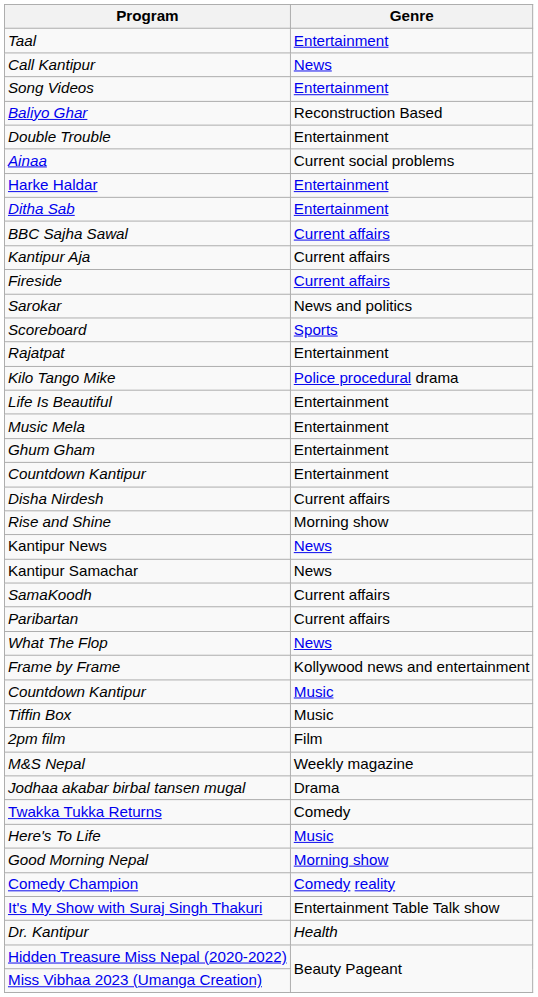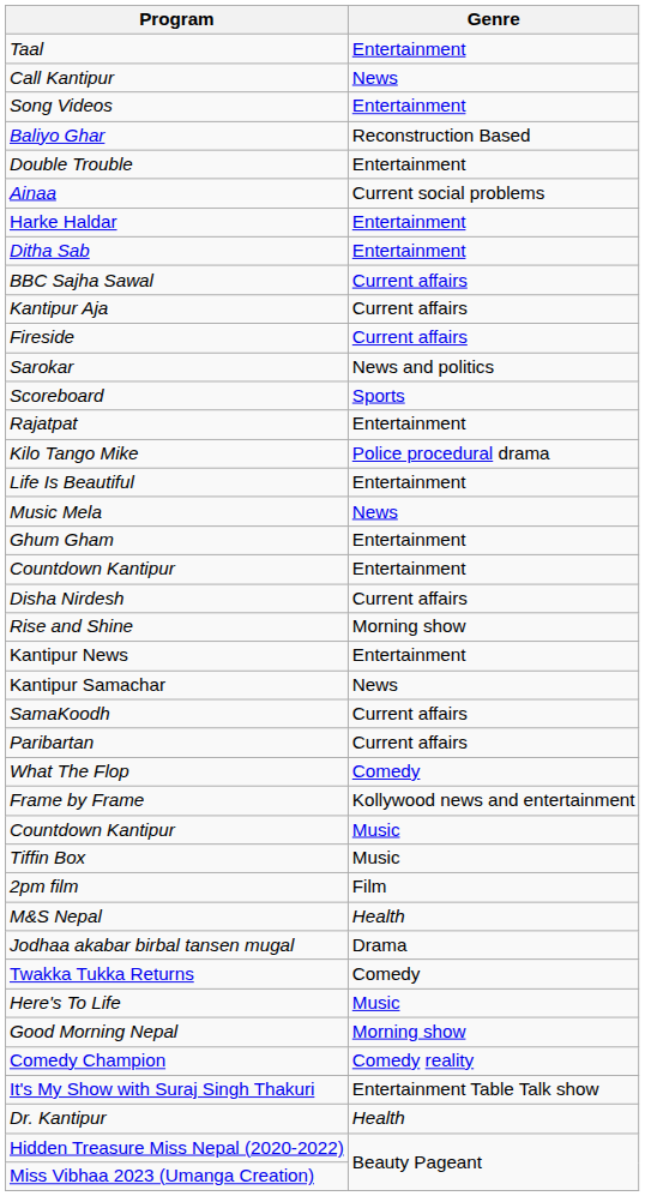 <table class="wikitable sortable">
 <tr>
 <th>Program</th>
 <th>Genre</th>
 </tr>
 <tr>
 <td><em>Taal</em></td>
 <td><a href='#'>Entertainment</a></td>
 </tr>
 <tr>
 <td><em>Call Kantipur</em></td>
 <td><a href='#'>News</a></td>
 </tr>
 <tr>
 <td><em>Song Videos</em></td>
 <td><a href='#'>Entertainment</a></td>
 </tr>
 <tr>
 <td><em><a href='#'>Baliyo Ghar</a></em></td>
 <td>Reconstruction Based</td>
 </tr>
 <tr>
 <td><em>Double Trouble</em></td>
 <td>Entertainment</td>
 </tr>
 <tr>
 <td><em><a href='#'>Ainaa</a></em></td>
 <td>Current social problems</td>
 </tr>
 <tr>
 <td><a href='#'>Harke Haldar</a></td>
 <td><a href='#'>Entertainment</a></td>
 </tr>
 <tr>
 <td><em><a href='#'>Ditha Sab</a></em></td>
 <td><a href='#'>Entertainment</a></td>
 </tr>
 <tr>
 <td><em>BBC Sajha Sawal</em></td>
 <td><a href='#'>Current affairs</a></td>
 </tr>
 <tr>
 <td><em>Kantipur Aja</em></td>
 <td>Current affairs</td>
 </tr>
 <tr>
 <td><em>Fireside</em></td>
 <td><a href='#'>Current affairs</a></td>
 </tr>
 <tr>
 <td><em>Sarokar</em></td>
 <td>News and politics</td>
 </tr>
 <tr>
 <td><em>Scoreboard</em></td>
 <td><a href='#'>Sports</a></td>
 </tr>
 <tr>
 <td><em>Rajatpat</em></td>
 <td>Entertainment</td>
 </tr>
 <tr>
 <td><em>Kilo Tango Mike</em></td>
 <td><a href='#'>Police procedural</a> drama</td>
 </tr>
 <tr>
 <td><em>Life Is Beautiful</em></td>
 <td>Entertainment</td>
 </tr>
 <tr>
 <td><em>Music Mela</em></td>
-<td>Entertainment</td>
+<td><a href='#'>News</a></td>
 </tr>
 <tr>
 <td><em>Ghum Gham</em></td>
 <td>Entertainment</td>
 </tr>
 <tr>
 <td><em>Countdown Kantipur</em></td>
 <td>Entertainment</td>
 </tr>
 <tr>
 <td><em>Disha Nirdesh</em></td>
 <td>Current affairs</td>
 </tr>
 <tr>
 <td><em>Rise and Shine</em></td>
 <td>Morning show</td>
 </tr>
 <tr>
 <td>Kantipur News</td>
-<td><a href='#'>News</a></td>
+<td>Entertainment</td>
 </tr>
 <tr>
 <td>Kantipur Samachar</td>
 <td>News</td>
 </tr>
 <tr>
 <td><em>SamaKoodh</em></td>
 <td>Current affairs</td>
 </tr>
 <tr>
 <td><em>Paribartan</em></td>
 <td>Current affairs</td>
 </tr>
 <tr>
 <td><em>What The Flop</em></td>
-<td><a href='#'>News</a></td>
+<td><a href='#'>Comedy</a></td>
 </tr>
 <tr>
 <td><em>Frame by Frame</em></td>
 <td>Kollywood news and entertainment</td>
 </tr>
 <tr>
 <td><em>Countdown Kantipur</em></td>
 <td><a href='#'>Music</a></td>
 </tr>
 <tr>
 <td><em>Tiffin Box</em></td>
 <td>Music</td>
 </tr>
 <tr>
 <td><em>2pm film</em></td>
 <td>Film</td>
 </tr>
 <tr>
 <td><em>M&S Nepal</em></td>
-<td>Weekly magazine</td>
+<td><em>Health</em></td>
 </tr>
 <tr>
 <td><em>Jodhaa akabar birbal tansen mugal</em></td>
 <td>Drama</td>
 </tr>
 <tr>
 <td><a href='#'>Twakka Tukka Returns</a></td>
 <td>Comedy</td>
 </tr>
 <tr>
 <td><em>Here's To Life</em></td>
 <td><a href='#'>Music</a></td>
 </tr>
 <tr>
 <td><em>Good Morning Nepal</em></td>
 <td><a href='#'>Morning show</a></td>
 </tr>
 <tr>
 <td><a href='#'>Comedy Champion</a></td>
 <td><a href='#'>Comedy</a> <a href='#'>reality</a></td>
 </tr>
 <tr>
 <td><a href='#'>It's My Show with Suraj Singh Thakuri</a></td>
 <td>Entertainment Table Talk show</td>
 </tr>
 <tr>
 <td><em>Dr. Kantipur</em></td>
 <td><em>Health</em></td>
 </tr>
 <tr>
 <td><a href='#'>Hidden Treasure Miss Nepal (2020-2022)</a></td>
 <td rowspan="2">Beauty Pageant</td>
 </tr>
 <tr>
 <td><a href='#'>Miss Vibhaa 2023 (Umanga Creation)</a></td>
 </tr>
 </table>
